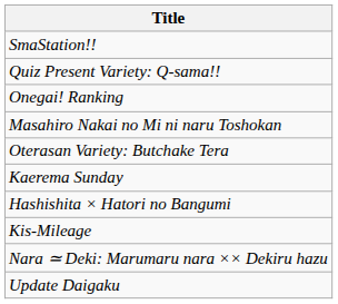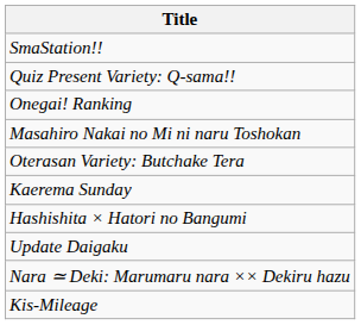 <table class="wikitable">
 <tr>
 <th>Title</th>
 </tr>
 <tr>
 <td><em>SmaStation!!</em></td>
 </tr>
 <tr>
 <td><em>Quiz Present Variety: Q-sama!!</em></td>
 </tr>
 <tr>
 <td><em>Onegai! Ranking</em></td>
 </tr>
 <tr>
 <td><em>Masahiro Nakai no Mi ni naru Toshokan</em></td>
 </tr>
 <tr>
 <td><em>Oterasan Variety: Butchake Tera</em></td>
 </tr>
 <tr>
 <td><em>Kaerema Sunday</em></td>
 </tr>
 <tr>
 <td><em>Hashishita × Hatori no Bangumi</em></td>
 </tr>
 <tr>
-<td><em>Kis-Mileage</em></td>
+<td><em>Update Daigaku</em></td>
 </tr>
 <tr>
 <td><em>Nara ≃ Deki: Marumaru nara ×× Dekiru hazu</em></td>
 </tr>
 <tr>
-<td><em>Update Daigaku</em></td>
+<td><em>Kis-Mileage</em></td>
 </tr>
 </table>
